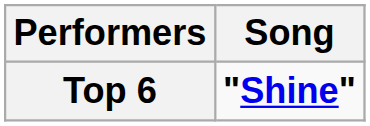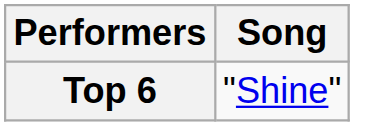 <table class="wikitable unsortable" style="text-align:center;">
 <tr>
 <th scope="col">Performers</th>
 <th scope="col">Song</th>
 </tr>
 <tr>
 <th scope="row">Top 6</th>
-<td><strong>"<a href='#'>Shine</a>"</strong></td>
+<td>"<a href='#'>Shine</a>"</td>
 </tr>
 </table>
